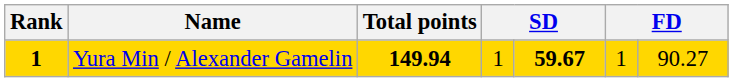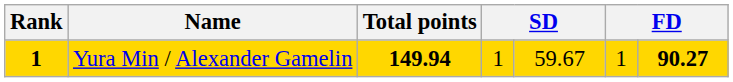 <table class="wikitable sortable">
 <tr>
 <th>Rank</th>
 <th>Name</th>
 <th>Total points</th>
 <th colspan="2" width="80px"><a href='#'>SD</a></th>
 <th colspan="2" width="80px"><a href='#'>FD</a></th>
 </tr>
 <tr bgcolor="gold">
 <td align="center"><strong>1</strong></td>
 <td><a href='#'>Yura Min</a> / <a href='#'>Alexander Gamelin</a></td>
 <td align="center"><strong>149.94</strong></td>
 <td align="center">1</td>
-<td align="center"><strong>59.67</strong></td>
+<td align="center">59.67</td>
 <td align="center">1</td>
-<td align="center">90.27</td>
+<td align="center"><strong>90.27</strong></td>
 </tr>
 </table>
